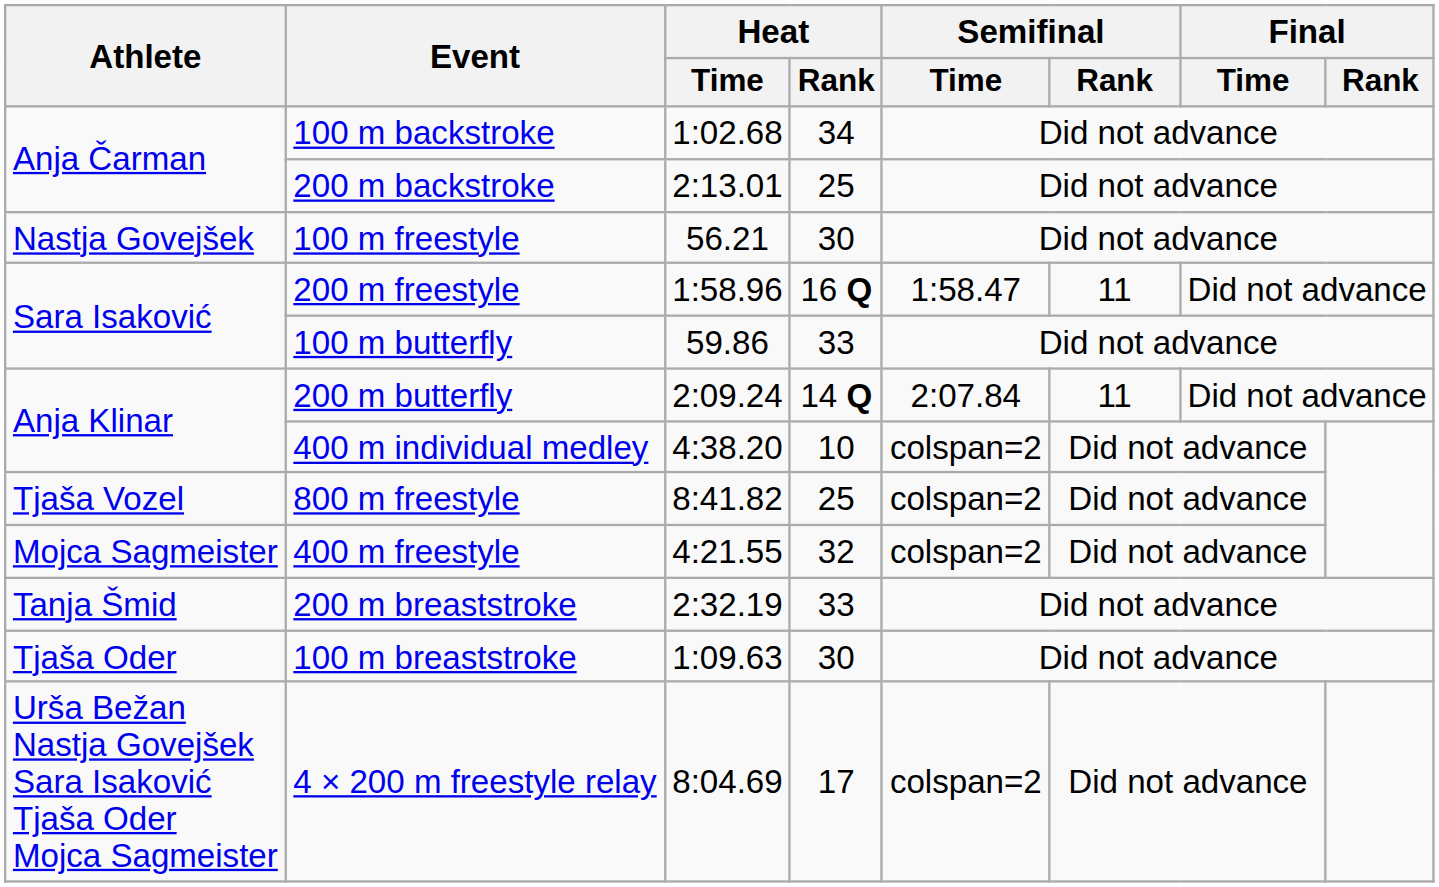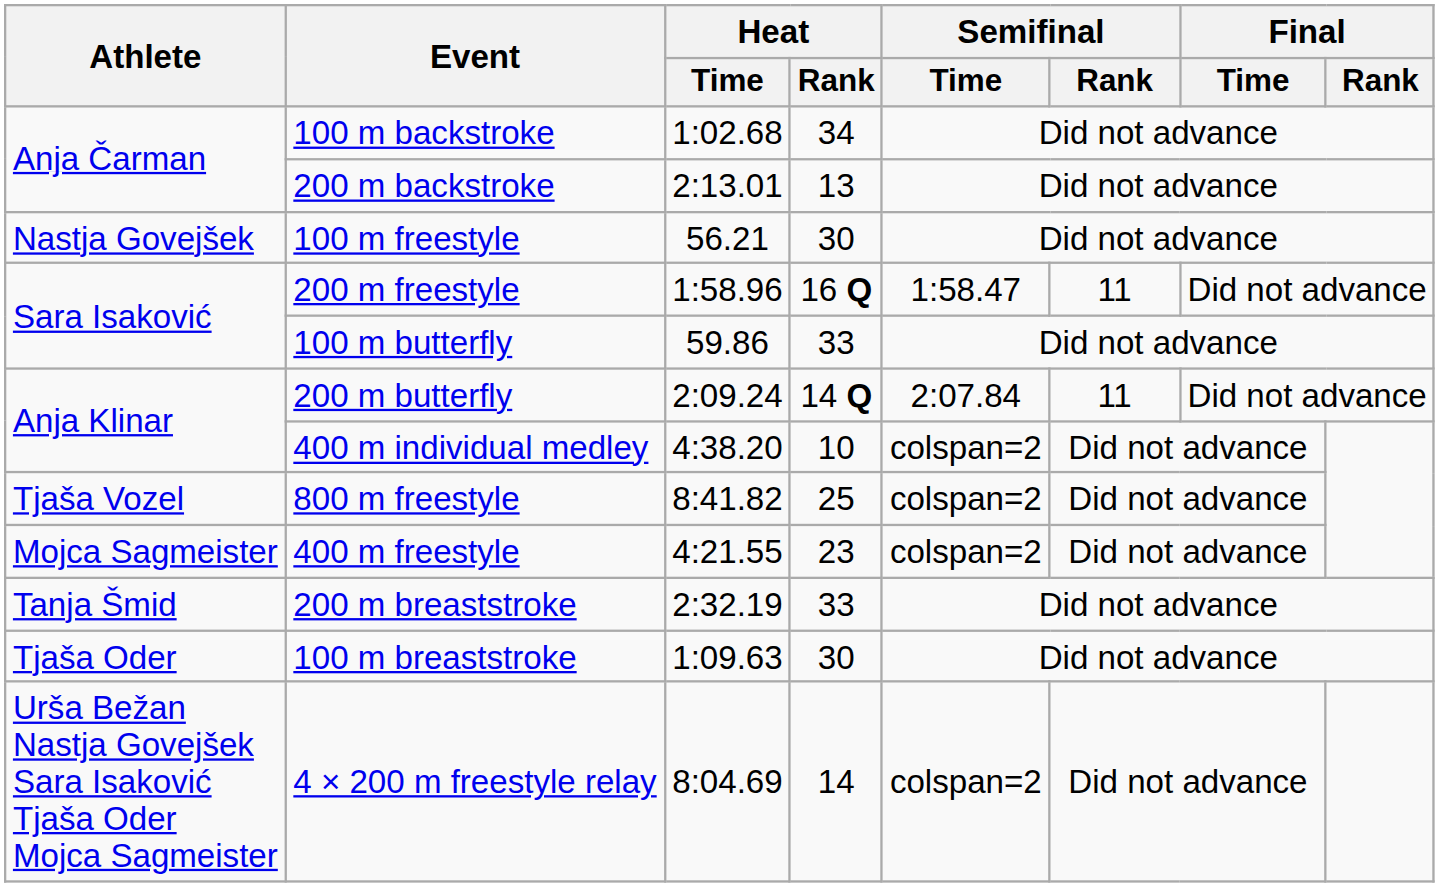 <table class=wikitable style="font-size:90%">
 <tr>
 <th rowspan="2">Athlete</th>
 <th rowspan="2">Event</th>
 <th colspan="2">Heat</th>
 <th colspan="2">Semifinal</th>
 <th colspan="2">Final</th>
 </tr>
 <tr style="font-size:95%">
 <th>Time</th>
 <th>Rank</th>
 <th>Time</th>
 <th>Rank</th>
 <th>Time</th>
 <th>Rank</th>
 </tr>
 <tr align=center>
 <td align=left rowspan=2><a href='#'>Anja Čarman</a></td>
 <td align=left><a href='#'>100 m backstroke</a></td>
 <td>1:02.68</td>
 <td>34</td>
 <td colspan=4>Did not advance</td>
 </tr>
 <tr align=center>
 <td align=left><a href='#'>200 m backstroke</a></td>
 <td>2:13.01</td>
-<td>25</td>
+<td>13</td>
 <td colspan=4>Did not advance</td>
 </tr>
 <tr align=center>
 <td align=left><a href='#'>Nastja Govejšek</a></td>
 <td align=left><a href='#'>100 m freestyle</a></td>
 <td>56.21</td>
 <td>30</td>
 <td colspan=4>Did not advance</td>
 </tr>
 <tr align=center>
 <td align=left rowspan=2><a href='#'>Sara Isaković</a></td>
 <td align=left><a href='#'>200 m freestyle</a></td>
 <td>1:58.96</td>
 <td>16 <strong>Q</strong></td>
 <td>1:58.47</td>
 <td>11</td>
 <td colspan=2>Did not advance</td>
 </tr>
 <tr align=center>
 <td align=left><a href='#'>100 m butterfly</a></td>
 <td>59.86</td>
 <td>33</td>
 <td colspan=4>Did not advance</td>
 </tr>
 <tr align=center>
 <td align=left rowspan=2><a href='#'>Anja Klinar</a></td>
 <td align=left><a href='#'>200 m butterfly</a></td>
 <td>2:09.24</td>
 <td>14 <strong>Q</strong></td>
 <td>2:07.84</td>
 <td>11</td>
 <td colspan=2>Did not advance</td>
 </tr>
 <tr align=center>
 <td align=left><a href='#'>400 m individual medley</a></td>
 <td>4:38.20</td>
 <td>10</td>
 <td>colspan=2 </td>
 <td colspan=2>Did not advance</td>
 </tr>
 <tr align=center>
 <td align=left><a href='#'>Tjaša Vozel</a></td>
 <td align=left><a href='#'>800 m freestyle</a></td>
 <td>8:41.82</td>
 <td>25</td>
 <td>colspan=2 </td>
 <td colspan=2>Did not advance</td>
 </tr>
 <tr align=center>
 <td align=left><a href='#'>Mojca Sagmeister</a></td>
 <td align=left><a href='#'>400 m freestyle</a></td>
 <td>4:21.55</td>
-<td>32</td>
+<td>23</td>
 <td>colspan=2 </td>
 <td colspan=2>Did not advance</td>
 </tr>
 <tr align=center>
 <td align=left><a href='#'>Tanja Šmid</a></td>
 <td align=left><a href='#'>200 m breaststroke</a></td>
 <td>2:32.19</td>
 <td>33</td>
 <td colspan=4>Did not advance</td>
 </tr>
 <tr align=center>
 <td align=left><a href='#'>Tjaša Oder</a></td>
 <td align=left><a href='#'>100 m breaststroke</a></td>
 <td>1:09.63</td>
 <td>30</td>
 <td colspan=4>Did not advance</td>
 </tr>
 <tr align=center>
 <td align=left><a href='#'>Urša Bežan</a><br><a href='#'>Nastja Govejšek</a><br><a href='#'>Sara Isaković</a><br><a href='#'>Tjaša Oder</a><br><a href='#'>Mojca Sagmeister</a></td>
 <td align=left><a href='#'>4 × 200 m freestyle relay</a></td>
 <td>8:04.69</td>
-<td>17</td>
+<td>14</td>
 <td>colspan=2 </td>
 <td colspan=2>Did not advance</td>
 </tr>
 </table>
